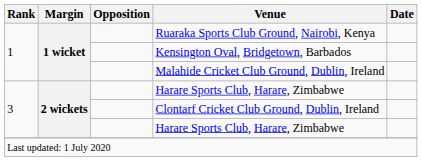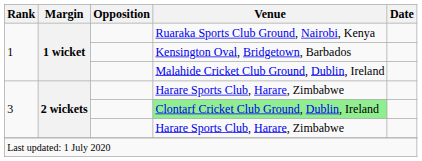 <table class="wikitable plainrowheaders sortable">
 <tr>
 <th scope=col>Rank</th>
 <th scope=col>Margin</th>
 <th scope=col>Opposition</th>
 <th scope=col>Venue</th>
 <th scope=col>Date</th>
 </tr>
 <tr>
 <td rowspan=3>1</td>
 <th scope=row style=text-align:center rowspan=3>1 wicket</th>
 <td></td>
 <td><a href='#'>Ruaraka Sports Club Ground</a>, <a href='#'>Nairobi</a>, Kenya</td>
 <td></td>
 </tr>
 <tr>
 <td></td>
 <td><a href='#'>Kensington Oval</a>, <a href='#'>Bridgetown</a>, Barbados</td>
 <td></td>
 </tr>
 <tr>
 <td></td>
 <td><a href='#'>Malahide Cricket Club Ground</a>, <a href='#'>Dublin</a>, Ireland</td>
 <td></td>
 </tr>
 <tr>
 <td rowspan=3>3</td>
 <th scope=row style=text-align:center rowspan=3>2 wickets</th>
 <td></td>
 <td><a href='#'>Harare Sports Club</a>, <a href='#'>Harare</a>, Zimbabwe</td>
 <td></td>
 </tr>
 <tr>
 <td></td>
-<td><a href='#'>Clontarf Cricket Club Ground</a>, <a href='#'>Dublin</a>, Ireland</td>
+<td style="background: lightgreen;"><a href='#'>Clontarf Cricket Club Ground</a>, <a href='#'>Dublin</a>, Ireland</td>
 <td></td>
 </tr>
 <tr>
 <td></td>
 <td><a href='#'>Harare Sports Club</a>, <a href='#'>Harare</a>, Zimbabwe</td>
 <td></td>
 </tr>
 <tr>
 </tr>
 <tr class=sortbottom>
 <td colspan=5><small>Last updated: 1 July 2020</small></td>
 </tr>
 </table>
